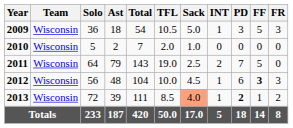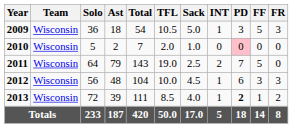 <table class="wikitable" style="text-align:center;">
 <tr>
 <th>Year</th>
 <th>Team</th>
 <th>Solo</th>
 <th>Ast</th>
 <th>Total</th>
 <th>TFL</th>
 <th>Sack</th>
 <th>INT</th>
 <th>PD</th>
 <th>FF</th>
 <th>FR</th>
 </tr>
 <tr>
 <td><strong>2009</strong></td>
 <td><a href='#'>Wisconsin</a></td>
 <td>36</td>
 <td>18</td>
 <td>54</td>
 <td>10.5</td>
 <td>5.0</td>
 <td>1</td>
 <td>3</td>
 <td>5</td>
 <td>3</td>
 </tr>
 <tr>
 <td><strong>2010</strong></td>
 <td><a href='#'>Wisconsin</a></td>
 <td>5</td>
 <td>2</td>
 <td>7</td>
 <td>2.0</td>
 <td>1.0</td>
 <td>0</td>
-<td>0</td>
+<td style="background: pink;">0</td>
 <td>0</td>
 <td>0</td>
 </tr>
 <tr>
 <td><strong>2011</strong></td>
 <td><a href='#'>Wisconsin</a></td>
 <td>64</td>
 <td>79</td>
 <td>143</td>
 <td>19.0</td>
 <td>2.5</td>
 <td>2</td>
 <td>7</td>
 <td>5</td>
 <td>0</td>
 </tr>
 <tr>
 <td><strong>2012</strong></td>
 <td><a href='#'>Wisconsin</a></td>
 <td>56</td>
 <td>48</td>
 <td>104</td>
 <td>10.0</td>
 <td>4.5</td>
 <td>1</td>
 <td>6</td>
-<td><strong>3</strong></td>
+<td>3</td>
 <td>3</td>
 </tr>
 <tr>
 <td><strong>2013</strong></td>
 <td><a href='#'>Wisconsin</a></td>
 <td>72</td>
 <td>39</td>
 <td>111</td>
 <td>8.5</td>
-<td style="background: lightsalmon;">4.0</td>
+<td>4.0</td>
 <td>1</td>
 <td><strong>2</strong></td>
 <td>1</td>
 <td>2</td>
 </tr>
 <tr style="background:#555; font-weight:bold; color:white;">
 <td colspan=2>Totals</td>
 <td>233</td>
 <td>187</td>
 <td>420</td>
 <td>50.0</td>
 <td>17.0</td>
 <td>5</td>
 <td>18</td>
 <td>14</td>
 <td>8</td>
 </tr>
 </table>
